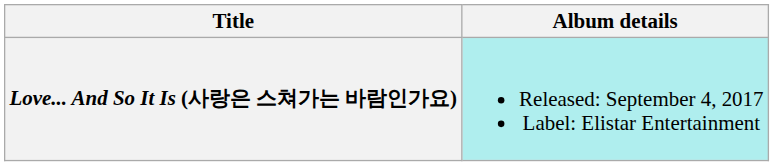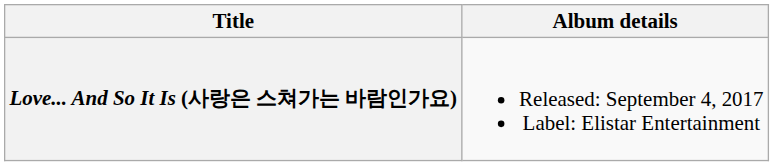 <table class="wikitable plainrowheaders" style="text-align:center;">
 <tr>
 <th>Title</th>
 <th>Album details</th>
 </tr>
 <tr>
 <th scope="row"><em>Love... And So It Is</em> (사랑은 스쳐가는 바람인가요)</th>
-<td style="background: paleturquoise;"><br><ul><li>Released: September 4, 2017</li><li>Label: Elistar Entertainment</li></ul></td>
+<td><br><ul><li>Released: September 4, 2017</li><li>Label: Elistar Entertainment</li></ul></td>
 </tr>
 </table>
